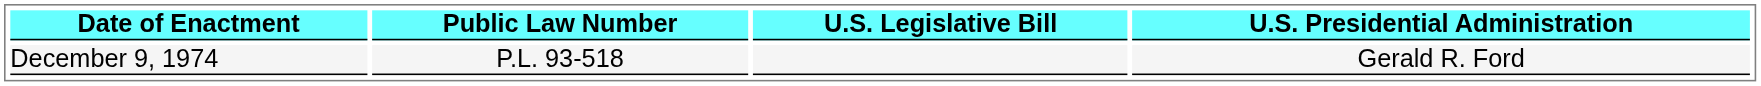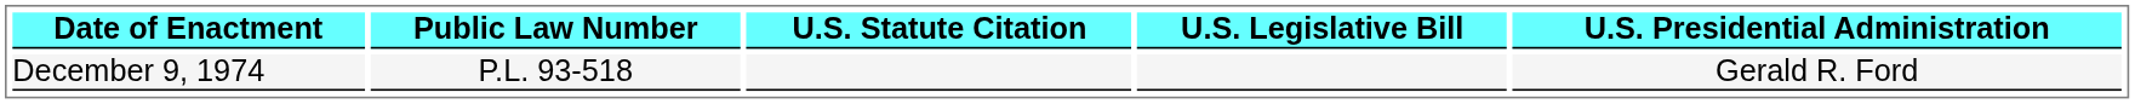 <table style="border:1px solid gray; align:left; width:70%" cellspacing=3 cellpadding=0>
 <tr style="font-weight:bold; text-align:center; background:#6FF; color:black;">
 <th style=" border-bottom:1.5px solid black">Date of Enactment</th>
 <th style=" border-bottom:1.5px solid black">Public Law Number</th>
+<th style=" border-bottom:1.5px solid black">U.S. Statute Citation</th>
 <th style=" border-bottom:1.5px solid black">U.S. Legislative Bill</th>
 <th style=" border-bottom:1.5px solid black">U.S. Presidential Administration</th>
 </tr>
 <tr>
 <td style="border-bottom:1.5px solid black; background:#F5F5F5;">December 9, 1974</td>
 <td style="border-bottom:1.5px solid black; background:#F5F5F5; text-align:center;">P.L. 93-518</td>
 <td style="border-bottom:1.5px solid black; background:#F5F5F5; text-align:center;"></td>
+<td style="border-bottom:1.5px solid black; background:#F5F5F5; text-align:center;"></td>
 <td style="border-bottom:1.5px solid black; background:#F5F5F5; text-align:center;">Gerald R. Ford</td>
 </tr>
 </table>
